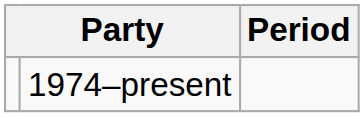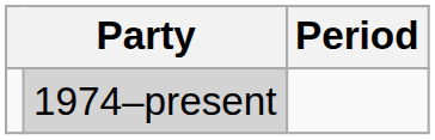 <table class="wikitable">
 <tr>
 <th colspan="2">Party</th>
 <th>Period</th>
 </tr>
 <tr>
 <td></td>
-<td>1974–present</td>
+<td style="background: lightgrey;">1974–present</td>
 </tr>
 </table>
